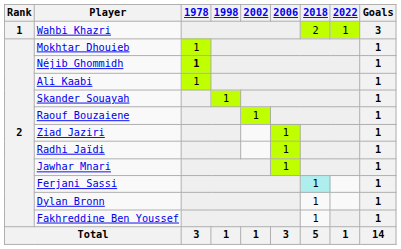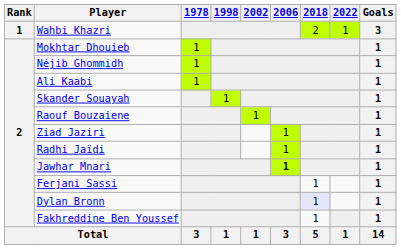 <table class="wikitable" style="text-align:center; font-size:85%">
 <tr>
 <th>Rank</th>
 <th>Player</th>
 <th><a href='#'>1978</a></th>
 <th><a href='#'>1998</a></th>
 <th><a href='#'>2002</a></th>
 <th><a href='#'>2006</a></th>
 <th><a href='#'>2018</a></th>
 <th><a href='#'>2022</a></th>
 <th>Goals</th>
 </tr>
 <tr>
 <th>1</th>
 <td align="left"><a href='#'>Wahbi Khazri</a></td>
 <td colspan="4" bgcolor=efefef></td>
 <td bgcolor=bfff00>2</td>
 <td bgcolor=bfff00>1</td>
 <th>3</th>
 </tr>
 <tr>
 <th rowspan="11" bgcolor=efefef>2</th>
 <td align="left"><a href='#'>Mokhtar Dhouieb</a></td>
 <td bgcolor=bfff00>1</td>
 <td colspan="5" bgcolor=efefef></td>
 <th bgcolor=bfff00>1</th>
 </tr>
 <tr>
 <td align="left"><a href='#'>Néjib Ghommidh</a></td>
-<td bgcolor=bfff00><strong>1</strong></td>
+<td bgcolor=bfff00>1</td>
 <td colspan="5" bgcolor=efefef></td>
 <th>1</th>
 </tr>
 <tr>
 <td align="left"><a href='#'>Ali Kaabi</a></td>
 <td bgcolor=bfff00>1</td>
 <td colspan="5" bgcolor=efefef></td>
 <th>1</th>
 </tr>
 <tr>
 <td align="left"><a href='#'>Skander Souayah</a></td>
 <td bgcolor=efefef></td>
 <td bgcolor=bfff00>1</td>
 <td colspan="4" bgcolor=efefef></td>
 <th>1</th>
 </tr>
 <tr>
 <td align="left"><a href='#'>Raouf Bouzaiene</a></td>
 <td colspan="2" bgcolor=efefef></td>
 <td bgcolor=bfff00>1</td>
 <td colspan="3" bgcolor=efefef></td>
 <th>1</th>
 </tr>
 <tr>
 <td align="left"><a href='#'>Ziad Jaziri</a></td>
 <td colspan="2" bgcolor=efefef></td>
 <td></td>
 <td bgcolor=bfff00>1</td>
 <td colspan="2" bgcolor=efefef></td>
 <th>1</th>
 </tr>
 <tr>
 <td align="left"><a href='#'>Radhi Jaïdi</a></td>
 <td colspan="2" bgcolor=efefef></td>
 <td></td>
 <td bgcolor=bfff00>1</td>
 <td colspan="2" bgcolor=efefef></td>
 <th bgcolor=bfff00>1</th>
 </tr>
 <tr>
 <td align="left"><a href='#'>Jawhar Mnari</a></td>
 <td colspan="3" bgcolor=efefef></td>
-<td bgcolor=bfff00>1</td>
+<td bgcolor=bfff00><strong>1</strong></td>
 <td colspan="2" bgcolor=efefef></td>
 <th>1</th>
 </tr>
 <tr>
 <td align="left"><a href='#'>Ferjani Sassi</a></td>
 <td colspan="4" bgcolor=efefef></td>
-<td style="background: paleturquoise;">1</td>
+<td>1</td>
 <td></td>
 <th>1</th>
 </tr>
 <tr>
 <td align="left"><a href='#'>Dylan Bronn</a></td>
 <td colspan="4" bgcolor=efefef></td>
-<td>1</td>
+<td style="background: lavender;">1</td>
 <td></td>
 <th>1</th>
 </tr>
 <tr>
 <td align="left"><a href='#'>Fakhreddine Ben Youssef</a></td>
 <td colspan="4" bgcolor=efefef></td>
 <td>1</td>
 <td bgcolor=efefef></td>
 <th>1</th>
 </tr>
 <tr>
 <th colspan="2">Total</th>
 <th>3</th>
 <th>1</th>
 <th>1</th>
 <th>3</th>
 <th>5</th>
 <th>1</th>
 <th>14</th>
 </tr>
 </table>
